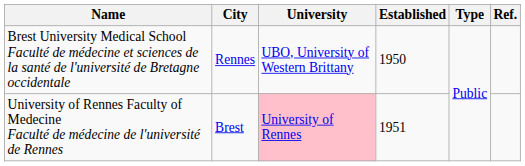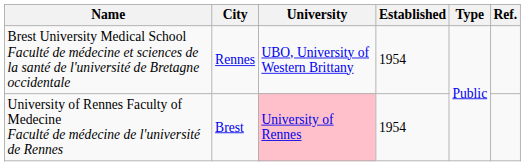 <table class="wikitable">
 <tr>
 <th>Name</th>
 <th>City</th>
 <th>University</th>
 <th>Established</th>
 <th>Type</th>
 <th>Ref.</th>
 </tr>
 <tr>
 <td>Brest University Medical School<br><em>Faculté de médecine et sciences de la santé de l'université de Bretagne occidentale</em></td>
 <td><a href='#'>Rennes</a></td>
 <td><a href='#'>UBO, University of Western Brittany</a></td>
-<td>1950</td>
+<td>1954</td>
 <td rowspan="2"><a href='#'>Public</a></td>
 <td></td>
 </tr>
 <tr>
 <td>University of Rennes Faculty of Medecine<br><em>Faculté de médecine de l'université de Rennes</em></td>
 <td><a href='#'>Brest</a></td>
 <td style="background: pink;"><a href='#'>University of Rennes</a></td>
-<td>1951</td>
+<td>1954</td>
 <td></td>
 </tr>
 </table>
